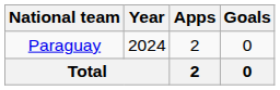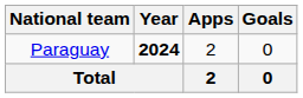 <table class=wikitable style=text-align:center>
 <tr>
 <th>National team</th>
 <th>Year</th>
 <th>Apps</th>
 <th>Goals</th>
 </tr>
 <tr>
 <td rowspan="1"><a href='#'>Paraguay</a></td>
-<td>2024</td>
+<td><strong>2024</strong></td>
 <td>2</td>
 <td>0</td>
 </tr>
 <tr>
 <th colspan="2">Total</th>
 <th>2</th>
 <th>0</th>
 </tr>
 </table>
